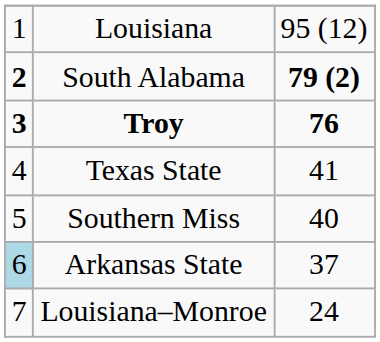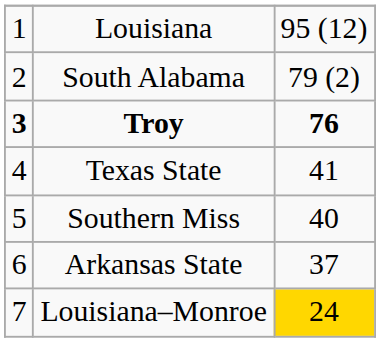 <table class="wikitable" style="display: inline-table;">
 <tr align="center">
 </tr>
 <tr align="center">
 <td>1</td>
 <td>Louisiana</td>
 <td>95 (12)</td>
 </tr>
 <tr align="center">
-<td><strong>2</strong></td>
+<td>2</td>
 <td>South Alabama</td>
-<td><strong>79 (2)</strong></td>
+<td>79 (2)</td>
 </tr>
 <tr align="center">
 <td><strong>3</strong></td>
 <td><strong>Troy</strong></td>
 <td><strong>76</strong></td>
 </tr>
 <tr align="center">
 <td>4</td>
 <td>Texas State</td>
 <td>41</td>
 </tr>
 <tr align="center">
 <td>5</td>
 <td>Southern Miss</td>
 <td>40</td>
 </tr>
 <tr align="center">
-<td style="background: lightblue;">6</td>
+<td>6</td>
 <td>Arkansas State</td>
 <td>37</td>
 </tr>
 <tr align="center">
 <td>7</td>
 <td>Louisiana–Monroe</td>
-<td>24</td>
+<td style="background: gold;">24</td>
 </tr>
 </table>
